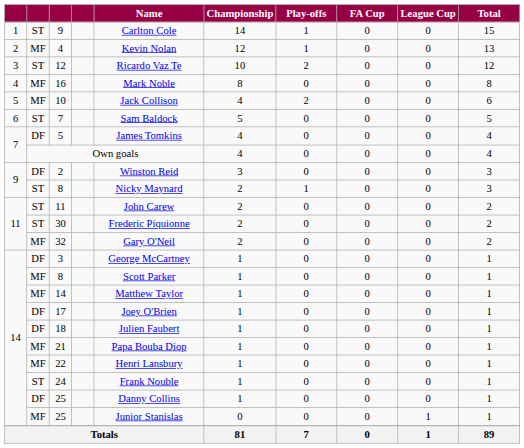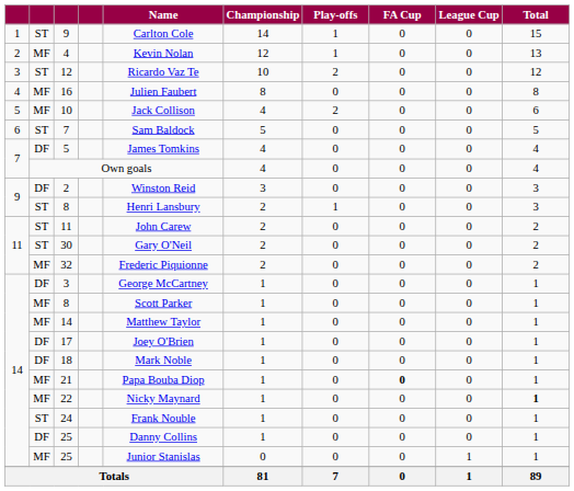 <table class="wikitable sortable" style="font-size: 95%; text-align: center;">
 <tr>
 <th style="width:25px; background:#970045; color:white;"></th>
 <th style="width:25px; background:#970045; color:white;"></th>
 <th style="width:25px; background:#970045; color:white;"></th>
 <th style="width:25px; background:#970045; color:white;"></th>
 <th style="width:150px; background:#970045; color:white;">Name</th>
 <th style="width:80px; background:#970045; color:white;">Championship</th>
 <th style="width:80px; background:#970045; color:white;">Play-offs</th>
 <th style="width:80px; background:#970045; color:white;">FA Cup</th>
 <th style="width:80px; background:#970045; color:white;">League Cup</th>
 <th style="width:80px; background:#970045; color:white;">Total</th>
 </tr>
 <tr>
 <td>1</td>
 <td>ST</td>
 <td>9</td>
 <td></td>
 <td data-sort-value="Cole, Carlton"><a href='#'>Carlton Cole</a></td>
 <td>14</td>
 <td>1</td>
 <td>0</td>
 <td>0</td>
 <td>15</td>
 </tr>
 <tr>
 <td>2</td>
 <td>MF</td>
 <td>4</td>
 <td></td>
 <td data-sort-value="Nolan, Kevin"><a href='#'>Kevin Nolan</a></td>
 <td>12</td>
 <td>1</td>
 <td>0</td>
 <td>0</td>
 <td>13</td>
 </tr>
 <tr>
 <td>3</td>
 <td>ST</td>
 <td>12</td>
 <td></td>
 <td data-sort-value="Vaz Te, Ricardo"><a href='#'>Ricardo Vaz Te</a></td>
 <td>10</td>
 <td>2</td>
 <td>0</td>
 <td>0</td>
 <td>12</td>
 </tr>
 <tr>
 <td>4</td>
 <td>MF</td>
 <td>16</td>
 <td></td>
-<td data-sort-value="Noble, Mark"><a href='#'>Mark Noble</a></td>
+<td data-sort-value="Faubert, Julien"><a href='#'>Julien Faubert</a></td>
 <td>8</td>
 <td>0</td>
 <td>0</td>
 <td>0</td>
 <td>8</td>
 </tr>
 <tr>
 <td>5</td>
 <td>MF</td>
 <td>10</td>
 <td></td>
 <td data-sort-value="Collison, Jack"><a href='#'>Jack Collison</a></td>
 <td>4</td>
 <td>2</td>
 <td>0</td>
 <td>0</td>
 <td>6</td>
 </tr>
 <tr>
 <td>6</td>
 <td>ST</td>
 <td>7</td>
 <td></td>
 <td data-sort-value="Baldock, Sam"><a href='#'>Sam Baldock</a></td>
 <td>5</td>
 <td>0</td>
 <td>0</td>
 <td>0</td>
 <td>5</td>
 </tr>
 <tr>
 <td rowspan=2>7</td>
 <td>DF</td>
 <td>5</td>
 <td></td>
 <td data-sort-value="Tomkins, James"><a href='#'>James Tomkins</a></td>
 <td>4</td>
 <td>0</td>
 <td>0</td>
 <td>0</td>
 <td>4</td>
 </tr>
 <tr>
 <td colspan="4">Own goals</td>
 <td>4</td>
 <td>0</td>
 <td>0</td>
 <td>0</td>
 <td>4</td>
 </tr>
 <tr>
 <td rowspan=2>9</td>
 <td>DF</td>
 <td>2</td>
 <td></td>
 <td data-sort-value="Reid, Winston"><a href='#'>Winston Reid</a></td>
 <td>3</td>
 <td>0</td>
 <td>0</td>
 <td>0</td>
 <td>3</td>
 </tr>
 <tr>
 <td>ST</td>
 <td>8</td>
 <td></td>
-<td data-sort-value="Maynard, Nicky"><a href='#'>Nicky Maynard</a></td>
+<td data-sort-value="Lansbury, Henri"><a href='#'>Henri Lansbury</a></td>
 <td>2</td>
 <td>1</td>
 <td>0</td>
 <td>0</td>
 <td>3</td>
 </tr>
 <tr>
 <td rowspan=3>11</td>
 <td>ST</td>
 <td>11</td>
 <td></td>
 <td data-sort-value="Carew, John"><a href='#'>John Carew</a></td>
 <td>2</td>
 <td>0</td>
 <td>0</td>
 <td>0</td>
 <td>2</td>
 </tr>
 <tr>
 <td>ST</td>
 <td>30</td>
 <td></td>
-<td data-sort-value="Piquionne, Frederic"><a href='#'>Frederic Piquionne</a></td>
+<td data-sort-value="O'Neil, Gary"><a href='#'>Gary O'Neil</a></td>
 <td>2</td>
 <td>0</td>
 <td>0</td>
 <td>0</td>
 <td>2</td>
 </tr>
 <tr>
 <td>MF</td>
 <td>32</td>
 <td></td>
-<td data-sort-value="O'Neil, Gary"><a href='#'>Gary O'Neil</a></td>
+<td data-sort-value="Piquionne, Frederic"><a href='#'>Frederic Piquionne</a></td>
 <td>2</td>
 <td>0</td>
 <td>0</td>
 <td>0</td>
 <td>2</td>
 </tr>
 <tr>
 <td rowspan=10>14</td>
 <td>DF</td>
 <td>3</td>
 <td></td>
 <td data-sort-value="McCartney, George"><a href='#'>George McCartney</a></td>
 <td>1</td>
 <td>0</td>
 <td>0</td>
 <td>0</td>
 <td>1</td>
 </tr>
 <tr>
 <td>MF</td>
 <td>8</td>
 <td></td>
 <td data-sort-value="Parker, Scott"><a href='#'>Scott Parker</a></td>
 <td>1</td>
 <td>0</td>
 <td>0</td>
 <td>0</td>
 <td>1</td>
 </tr>
 <tr>
 <td>MF</td>
 <td>14</td>
 <td></td>
 <td data-sort-value="Taylor, Matthew"><a href='#'>Matthew Taylor</a></td>
 <td>1</td>
 <td>0</td>
 <td>0</td>
 <td>0</td>
 <td>1</td>
 </tr>
 <tr>
 <td>DF</td>
 <td>17</td>
 <td></td>
 <td data-sort-value="O'Brien, Joey"><a href='#'>Joey O'Brien</a></td>
 <td>1</td>
 <td>0</td>
 <td>0</td>
 <td>0</td>
 <td>1</td>
 </tr>
 <tr>
 <td>DF</td>
 <td>18</td>
 <td></td>
-<td data-sort-value="Faubert, Julien"><a href='#'>Julien Faubert</a></td>
+<td data-sort-value="Noble, Mark"><a href='#'>Mark Noble</a></td>
 <td>1</td>
 <td>0</td>
 <td>0</td>
 <td>0</td>
 <td>1</td>
 </tr>
 <tr>
 <td>MF</td>
 <td>21</td>
 <td></td>
 <td data-sort-value="Bouba Diop, Papa"><a href='#'>Papa Bouba Diop</a></td>
 <td>1</td>
 <td>0</td>
-<td>0</td>
+<td><strong>0</strong></td>
 <td>0</td>
 <td>1</td>
 </tr>
 <tr>
 <td>MF</td>
 <td>22</td>
 <td></td>
-<td data-sort-value="Lansbury, Henri"><a href='#'>Henri Lansbury</a></td>
+<td data-sort-value="Maynard, Nicky"><a href='#'>Nicky Maynard</a></td>
 <td>1</td>
 <td>0</td>
 <td>0</td>
 <td>0</td>
-<td>1</td>
+<td><strong>1</strong></td>
 </tr>
 <tr>
 <td>ST</td>
 <td>24</td>
 <td></td>
 <td data-sort-value="Nouble, Frank"><a href='#'>Frank Nouble</a></td>
 <td>1</td>
 <td>0</td>
 <td>0</td>
 <td>0</td>
 <td>1</td>
 </tr>
 <tr>
 <td>DF</td>
 <td>25</td>
 <td></td>
 <td data-sort-value="Collins, Danny"><a href='#'>Danny Collins</a></td>
 <td>1</td>
 <td>0</td>
 <td>0</td>
 <td>0</td>
 <td>1</td>
 </tr>
 <tr>
 <td>MF</td>
 <td>25</td>
 <td></td>
 <td data-sort-value="Stanislas, Junior"><a href='#'>Junior Stanislas</a></td>
 <td>0</td>
 <td>0</td>
 <td>0</td>
 <td>1</td>
 <td>1</td>
 </tr>
 <tr>
 </tr>
 <tr class="sortbottom">
 </tr>
 <tr class="sortbottom">
 <th colspan=5>Totals</th>
 <th>81</th>
 <th>7</th>
 <th>0</th>
 <th>1</th>
 <th>89</th>
 </tr>
 </table>
